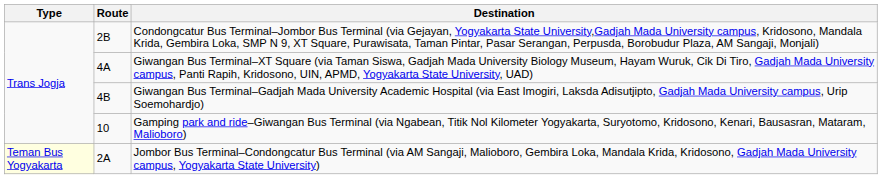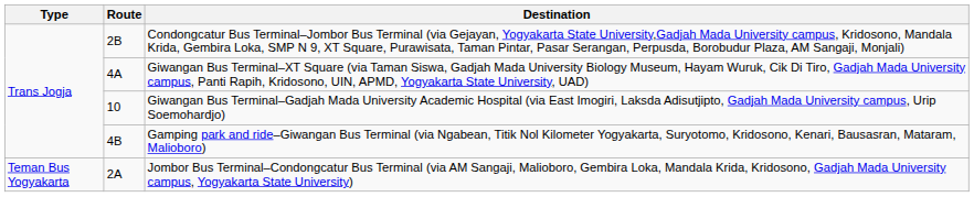 <table class="wikitable sortable">
 <tr>
 <th>Type</th>
 <th>Route</th>
 <th>Destination</th>
 </tr>
 <tr>
 <td rowspan="4"><a href='#'>Trans Jogja</a></td>
 <td>2B</td>
 <td>Condongcatur Bus Terminal–Jombor Bus Terminal (via Gejayan, <a href='#'>Yogyakarta State University</a>,<a href='#'>Gadjah Mada University campus</a>, Kridosono, Mandala Krida, Gembira Loka, SMP N 9, XT Square, Purawisata, Taman Pintar, Pasar Serangan, Perpusda, Borobudur Plaza, AM Sangaji, Monjali)</td>
 </tr>
 <tr>
 <td>4A</td>
 <td>Giwangan Bus Terminal–XT Square (via Taman Siswa, Gadjah Mada University Biology Museum, Hayam Wuruk, Cik Di Tiro, <a href='#'>Gadjah Mada University campus</a>, Panti Rapih, Kridosono, UIN, APMD, <a href='#'>Yogyakarta State University</a>, UAD)</td>
 </tr>
 <tr>
-<td>4B</td>
+<td>10</td>
 <td>Giwangan Bus Terminal–Gadjah Mada University Academic Hospital (via East Imogiri, Laksda Adisutjipto, <a href='#'>Gadjah Mada University campus</a>, Urip Soemohardjo)</td>
 </tr>
 <tr>
-<td>10</td>
+<td>4B</td>
 <td>Gamping <a href='#'>park and ride</a>–Giwangan Bus Terminal (via Ngabean, Titik Nol Kilometer Yogyakarta, Suryotomo, Kridosono, Kenari, Bausasran, Mataram, <a href='#'>Malioboro</a>)</td>
 </tr>
 <tr>
-<td style="background: lightyellow;"><a href='#'>Teman Bus Yogyakarta</a></td>
+<td><a href='#'>Teman Bus Yogyakarta</a></td>
 <td>2A</td>
 <td>Jombor Bus Terminal–Condongcatur Bus Terminal (via AM Sangaji, Malioboro, Gembira Loka, Mandala Krida, Kridosono, <a href='#'>Gadjah Mada University campus</a>, <a href='#'>Yogyakarta State University</a>)</td>
 </tr>
 </table>
